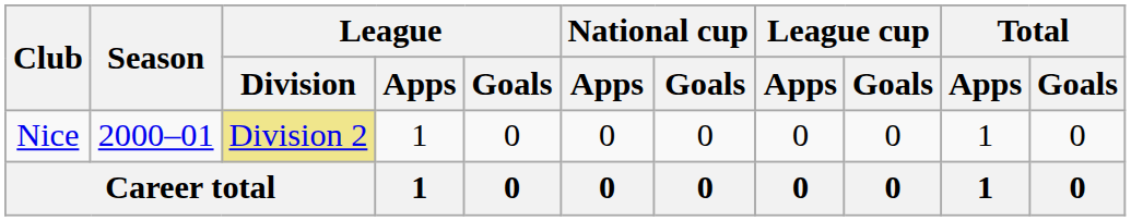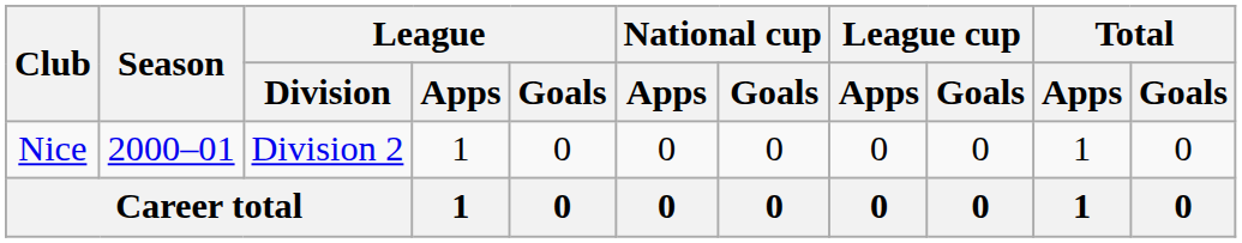 <table class="wikitable" style="text-align: center;">
 <tr>
 <th rowspan="2">Club</th>
 <th rowspan="2">Season</th>
 <th colspan="3">League</th>
 <th colspan="2">National cup</th>
 <th colspan="2">League cup</th>
 <th colspan="2">Total</th>
 </tr>
 <tr>
 <th>Division</th>
 <th>Apps</th>
 <th>Goals</th>
 <th>Apps</th>
 <th>Goals</th>
 <th>Apps</th>
 <th>Goals</th>
 <th>Apps</th>
 <th>Goals</th>
 </tr>
 <tr>
 <td><a href='#'>Nice</a></td>
 <td><a href='#'>2000–01</a></td>
-<td style="background: khaki;"><a href='#'>Division 2</a></td>
+<td><a href='#'>Division 2</a></td>
 <td>1</td>
 <td>0</td>
 <td>0</td>
 <td>0</td>
 <td>0</td>
 <td>0</td>
 <td>1</td>
 <td>0</td>
 </tr>
 <tr>
 <th colspan="3">Career total</th>
 <th>1</th>
 <th>0</th>
 <th>0</th>
 <th>0</th>
 <th>0</th>
 <th>0</th>
 <th>1</th>
 <th>0</th>
 </tr>
 </table>
